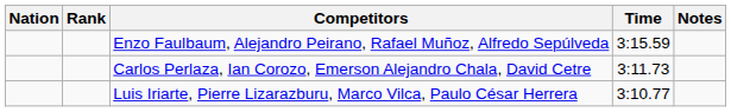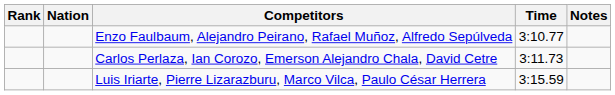 <table class="wikitable sortable" style="text-align:center; font-size:95%">
 <tr>
+<th>Rank</th>
 <th>Nation</th>
-<th>Rank</th>
 <th>Competitors</th>
 <th>Time</th>
 <th>Notes</th>
 </tr>
 <tr>
+<td></td>
 <td align=left></td>
-<td></td>
 <td align=left><a href='#'>Enzo Faulbaum</a>, <a href='#'>Alejandro Peirano</a>, <a href='#'>Rafael Muñoz</a>, <a href='#'>Alfredo Sepúlveda</a></td>
-<td>3:15.59</td>
+<td>3:10.77</td>
 <td></td>
 </tr>
 <tr>
+<td></td>
 <td align=left></td>
-<td></td>
 <td align=left><a href='#'>Carlos Perlaza</a>, <a href='#'>Ian Corozo</a>, <a href='#'>Emerson Alejandro Chala</a>, <a href='#'>David Cetre</a></td>
 <td>3:11.73</td>
 <td></td>
 </tr>
 <tr>
+<td></td>
 <td align=left></td>
-<td></td>
 <td align=left><a href='#'>Luis Iriarte</a>, <a href='#'>Pierre Lizarazburu</a>, <a href='#'>Marco Vilca</a>, <a href='#'>Paulo César Herrera</a></td>
-<td>3:10.77</td>
+<td>3:15.59</td>
 <td></td>
 </tr>
 </table>
